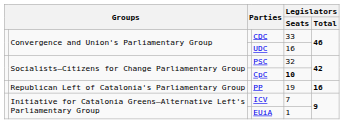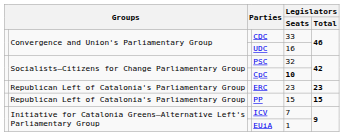 <table class="wikitable" style="text-align:left;">
 <tr>
 <th rowspan="2" colspan="2">Groups</th>
 <th rowspan="2" colspan="2">Parties</th>
 <th colspan="2">Legislators</th>
 </tr>
 <tr>
 <th>Seats</th>
 <th>Total</th>
 </tr>
 <tr>
 <td width="1" rowspan="2"></td>
 <td rowspan="2">Convergence and Union's Parliamentary Group</td>
 <td width="1" style="color:inherit;background:"></td>
 <td align="left"><a href='#'>CDC</a></td>
 <td>33</td>
 <td rowspan="2"><strong>46</strong></td>
 </tr>
 <tr>
 <td style="color:inherit;background:"></td>
 <td align="left"><a href='#'>UDC</a></td>
 <td>16</td>
 </tr>
 <tr>
 <td rowspan="2" style="color:inherit;background:"></td>
 <td rowspan="2">Socialists–Citizens for Change Parliamentary Group</td>
 <td style="color:inherit;background:"></td>
 <td align="left"><a href='#'>PSC</a></td>
 <td>32</td>
 <td rowspan="2"><strong>42</strong></td>
 </tr>
 <tr>
 <td style="color:inherit;background:"></td>
 <td align="left"><a href='#'>CpC</a></td>
 <td><strong>10</strong></td>
 </tr>
 <tr>
 <td style="color:inherit;background:"></td>
 <td>Republican Left of Catalonia's Parliamentary Group</td>
 <td style="color:inherit;background:"></td>
+<td align="left"><a href='#'>ERC</a></td>
+<td>23</td>
+<td><strong>23</strong></td>
+</tr>
+<tr>
+<td style="color:inherit;background:"></td>
+<td>Republican Left of Catalonia's Parliamentary Group</td>
+<td style="color:inherit;background:"></td>
 <td align="left"><a href='#'>PP</a></td>
-<td>19</td>
-<td><strong>16</strong></td>
+<td>15</td>
+<td><strong>15</strong></td>
 </tr>
 <tr>
 <td rowspan="2" style="color:inherit;background:"></td>
 <td rowspan="2">Initiative for Catalonia Greens–Alternative Left's<br>Parliamentary Group</td>
 <td style="color:inherit;background:"></td>
 <td align="left"><a href='#'>ICV</a></td>
 <td>7</td>
 <td rowspan="2"><strong>9</strong></td>
 </tr>
 <tr>
 <td style="color:inherit;background:"></td>
 <td align="left"><a href='#'>EUiA</a></td>
 <td>1</td>
 </tr>
 </table>
